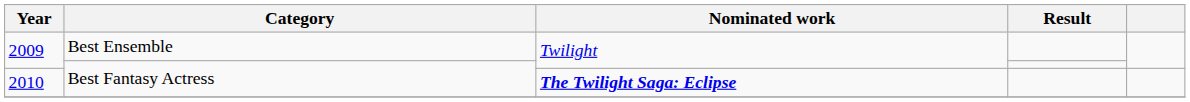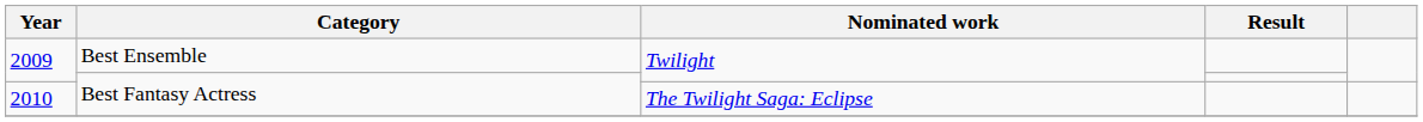 <table class="wikitable" style="width:85%;">
 <tr>
 <th width=5%>Year</th>
 <th style="width:40%;">Category</th>
 <th style="width:40%;">Nominated work</th>
 <th style="width:10%;">Result</th>
 <th width=5%></th>
 </tr>
 <tr>
 <td rowspan="2"><a href='#'>2009</a></td>
 <td>Best Ensemble</td>
 <td rowspan="2"><em><a href='#'>Twilight</a></em></td>
 <td></td>
 <td rowspan="2"></td>
 </tr>
 <tr>
 <td rowspan="2">Best Fantasy Actress</td>
 <td></td>
 </tr>
 <tr>
 <td><a href='#'>2010</a></td>
-<td><strong><em><a href='#'>The Twilight Saga: Eclipse</a></em></strong></td>
+<td><em><a href='#'>The Twilight Saga: Eclipse</a></em></td>
 <td></td>
 <td></td>
 </tr>
 <tr>
 </tr>
 </table>
